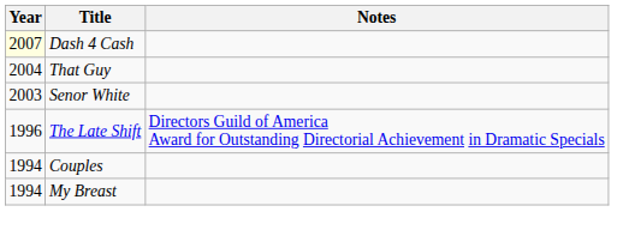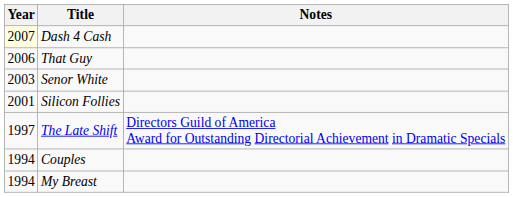 <table class="wikitable">
 <tr>
 <th>Year</th>
 <th>Title</th>
 <th>Notes</th>
 </tr>
 <tr>
 <td style="background: lightyellow;">2007</td>
 <td><em>Dash 4 Cash</em></td>
 <td></td>
 </tr>
 <tr>
-<td>2004</td>
+<td>2006</td>
 <td><em>That Guy</em></td>
 <td></td>
 </tr>
 <tr>
 <td>2003</td>
 <td><em>Senor White</em></td>
 <td></td>
 </tr>
 <tr>
-<td>1996</td>
+<td>2001</td>
+<td><em>Silicon Follies</em></td>
+<td></td>
+</tr>
+<tr>
+<td>1997</td>
 <td><em><a href='#'>The Late Shift</a></em></td>
 <td><a href='#'>Directors Guild of America</a><br><a href='#'>Award for Outstanding</a>  <a href='#'>Directorial Achievement</a>  <a href='#'>in Dramatic Specials</a></td>
 </tr>
 <tr>
 <td>1994</td>
 <td><em>Couples</em></td>
 <td></td>
 </tr>
 <tr>
 <td>1994</td>
 <td><em>My Breast</em></td>
 <td></td>
 </tr>
 </table>
